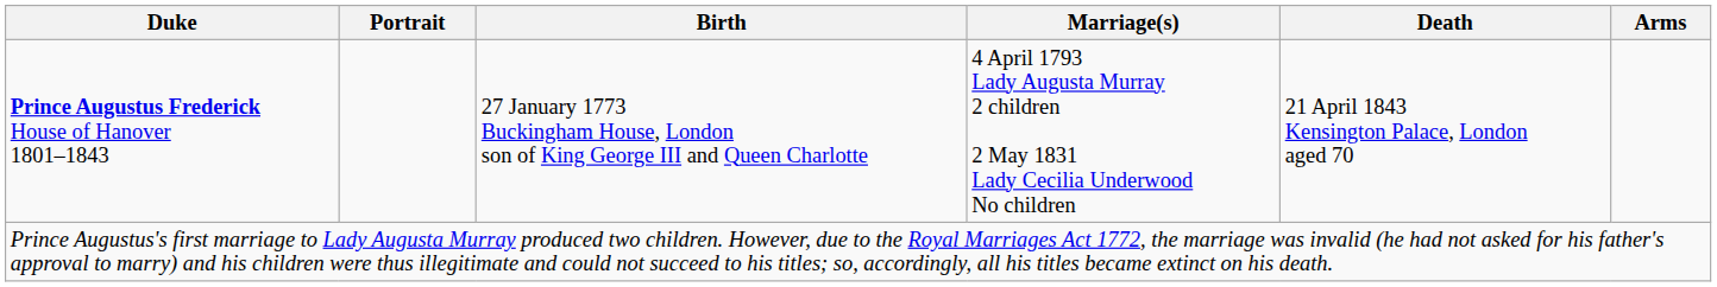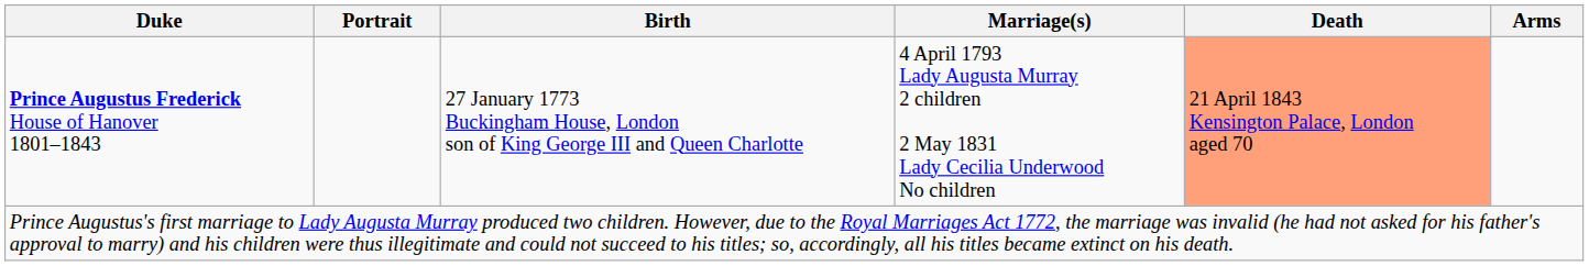 <table class="wikitable">
 <tr>
 <th>Duke</th>
 <th>Portrait</th>
 <th>Birth</th>
 <th>Marriage(s)</th>
 <th>Death</th>
 <th>Arms</th>
 </tr>
 <tr>
 <td><strong><a href='#'>Prince Augustus Frederick</a></strong><br><a href='#'>House of Hanover</a><br>1801–1843<br> <em></em></td>
 <td></td>
 <td>27 January 1773<br><a href='#'>Buckingham House</a>, <a href='#'>London</a><br>son of <a href='#'>King George III</a> and <a href='#'>Queen Charlotte</a></td>
 <td>4 April 1793<br><a href='#'>Lady Augusta Murray</a><br>2 children<br><br>2 May 1831<br><a href='#'>Lady Cecilia Underwood</a><br>No children</td>
-<td>21 April 1843<br><a href='#'>Kensington Palace</a>, <a href='#'>London</a><br>aged 70</td>
+<td style="background: lightsalmon;">21 April 1843<br><a href='#'>Kensington Palace</a>, <a href='#'>London</a><br>aged 70</td>
 <td></td>
 </tr>
 <tr>
 <td colspan="6"><em>Prince Augustus's first marriage to <a href='#'>Lady Augusta Murray</a> produced two children. However, due to the <a href='#'>Royal Marriages Act 1772</a>, the marriage was invalid (he had not asked for his father's approval to marry) and his children were thus illegitimate and could not succeed to his titles; so, accordingly, all his titles became extinct on his death.</em></td>
 </tr>
 </table>
